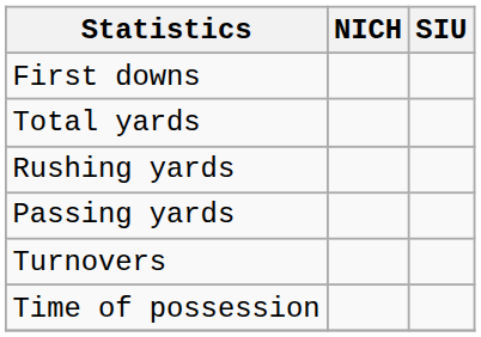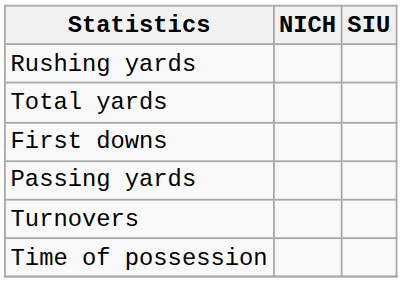 <table class="wikitable" style="float: left;">
 <tr>
 <th>Statistics</th>
 <th>NICH</th>
 <th>SIU</th>
 </tr>
 <tr>
-<td>First downs</td>
+<td>Rushing yards</td>
 <td></td>
 <td></td>
 </tr>
 <tr>
 <td>Total yards</td>
 <td></td>
 <td></td>
 </tr>
 <tr>
-<td>Rushing yards</td>
+<td>First downs</td>
 <td></td>
 <td></td>
 </tr>
 <tr>
 <td>Passing yards</td>
 <td></td>
 <td></td>
 </tr>
 <tr>
 <td>Turnovers</td>
 <td></td>
 <td></td>
 </tr>
 <tr>
 <td>Time of possession</td>
 <td></td>
 <td></td>
 </tr>
 <tr>
 </tr>
 </table>
